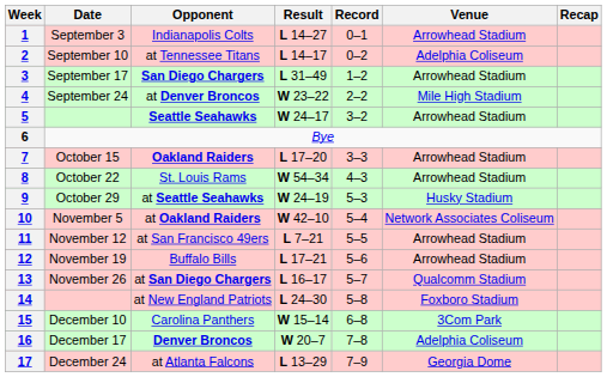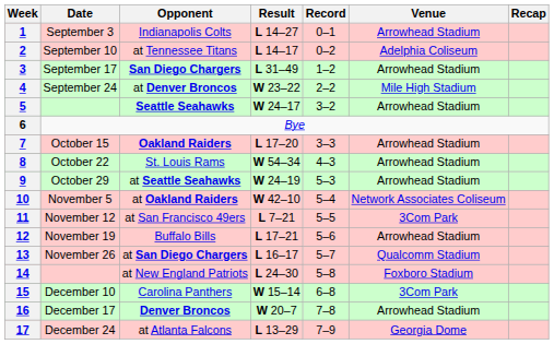 <table class="wikitable" style="text-align:center">
 <tr>
 <th>Week</th>
 <th>Date</th>
 <th>Opponent</th>
 <th>Result</th>
 <th>Record</th>
 <th>Venue</th>
 <th>Recap</th>
 </tr>
 <tr style="background:#fcc">
 <th><a href='#'>1</a></th>
 <td>September 3</td>
 <td><a href='#'>Indianapolis Colts</a></td>
 <td><strong>L</strong> 14–27</td>
 <td>0–1</td>
 <td><a href='#'>Arrowhead Stadium</a></td>
 <td></td>
 </tr>
 <tr style="background:#fcc">
 <th><a href='#'>2</a></th>
 <td>September 10</td>
 <td>at <a href='#'>Tennessee Titans</a></td>
 <td><strong>L</strong> 14–17 </td>
 <td>0–2</td>
 <td><a href='#'>Adelphia Coliseum</a></td>
 <td></td>
 </tr>
 <tr style="background:#cfc">
 <th><a href='#'>3</a></th>
 <td>September 17</td>
 <td><strong><a href='#'>San Diego Chargers</a></strong></td>
 <td><strong>L</strong> 31–49</td>
 <td>1–2</td>
 <td>Arrowhead Stadium</td>
 <td></td>
 </tr>
 <tr style="background:#cfc">
 <th><a href='#'>4</a></th>
 <td>September 24</td>
 <td>at <strong><a href='#'>Denver Broncos</a></strong></td>
 <td><strong>W</strong> 23–22</td>
 <td>2–2</td>
 <td><a href='#'>Mile High Stadium</a></td>
 <td></td>
 </tr>
 <tr style="background:#cfc">
 <th><a href='#'>5</a></th>
 <td></td>
 <td><strong><a href='#'>Seattle Seahawks</a></strong></td>
 <td><strong>W</strong> 24–17</td>
 <td>3–2</td>
 <td>Arrowhead Stadium</td>
 <td></td>
 </tr>
 <tr>
 <th>6</th>
 <td colspan="6"><em><a href='#'>Bye</a></em></td>
 </tr>
 <tr style="background:#fcc">
 <th><a href='#'>7</a></th>
 <td>October 15</td>
 <td><strong><a href='#'>Oakland Raiders</a></strong></td>
 <td><strong>L</strong> 17–20</td>
 <td>3–3</td>
 <td>Arrowhead Stadium</td>
 <td></td>
 </tr>
 <tr style="background:#cfc">
 <th><a href='#'>8</a></th>
 <td>October 22</td>
 <td><a href='#'>St. Louis Rams</a></td>
 <td><strong>W</strong> 54–34</td>
 <td>4–3</td>
 <td>Arrowhead Stadium</td>
 <td></td>
 </tr>
 <tr style="background:#cfc">
 <th><a href='#'>9</a></th>
 <td>October 29</td>
 <td>at <strong><a href='#'>Seattle Seahawks</a></strong></td>
 <td><strong>W</strong> 24–19</td>
 <td>5–3</td>
-<td><a href='#'>Husky Stadium</a></td>
+<td>Arrowhead Stadium</td>
 <td></td>
 </tr>
 <tr style="background:#fcc">
 <th><a href='#'>10</a></th>
 <td>November 5</td>
 <td>at <strong><a href='#'>Oakland Raiders</a></strong></td>
 <td><strong>W</strong> 42–10</td>
 <td>5–4</td>
 <td><a href='#'>Network Associates Coliseum</a></td>
 <td></td>
 </tr>
 <tr style="background:#fcc">
 <th><a href='#'>11</a></th>
 <td>November 12</td>
 <td>at <a href='#'>San Francisco 49ers</a></td>
 <td><strong>L</strong> 7–21</td>
 <td>5–5</td>
-<td>Arrowhead Stadium</td>
+<td><a href='#'>3Com Park</a></td>
 <td></td>
 </tr>
 <tr style="background:#fcc">
 <th><a href='#'>12</a></th>
 <td>November 19</td>
 <td><a href='#'>Buffalo Bills</a></td>
 <td><strong>L</strong> 17–21</td>
 <td>5–6</td>
 <td>Arrowhead Stadium</td>
 <td></td>
 </tr>
 <tr style="background:#fcc">
 <th><a href='#'>13</a></th>
 <td>November 26</td>
 <td>at <strong><a href='#'>San Diego Chargers</a></strong></td>
 <td><strong>L</strong> 16–17</td>
 <td>5–7</td>
 <td><a href='#'>Qualcomm Stadium</a></td>
 <td></td>
 </tr>
 <tr style="background:#fcc">
 <th><a href='#'>14</a></th>
 <td></td>
 <td>at <a href='#'>New England Patriots</a></td>
 <td><strong>L</strong> 24–30</td>
 <td>5–8</td>
 <td><a href='#'>Foxboro Stadium</a></td>
 <td></td>
 </tr>
 <tr style="background:#cfc">
 <th><a href='#'>15</a></th>
 <td>December 10</td>
 <td><a href='#'>Carolina Panthers</a></td>
 <td><strong>W</strong> 15–14</td>
 <td>6–8</td>
 <td><a href='#'>3Com Park</a></td>
 <td></td>
 </tr>
 <tr style="background:#cfc">
 <th><a href='#'>16</a></th>
 <td>December 17</td>
 <td><strong><a href='#'>Denver Broncos</a></strong></td>
 <td><strong>W</strong> 20–7</td>
 <td>7–8</td>
-<td><a href='#'>Adelphia Coliseum</a></td>
+<td>Arrowhead Stadium</td>
 <td></td>
 </tr>
 <tr style="background:#fcc">
 <th><a href='#'>17</a></th>
 <td>December 24</td>
 <td>at <a href='#'>Atlanta Falcons</a></td>
 <td><strong>L</strong> 13–29</td>
 <td>7–9</td>
 <td><a href='#'>Georgia Dome</a></td>
 <td></td>
 </tr>
 </table>
